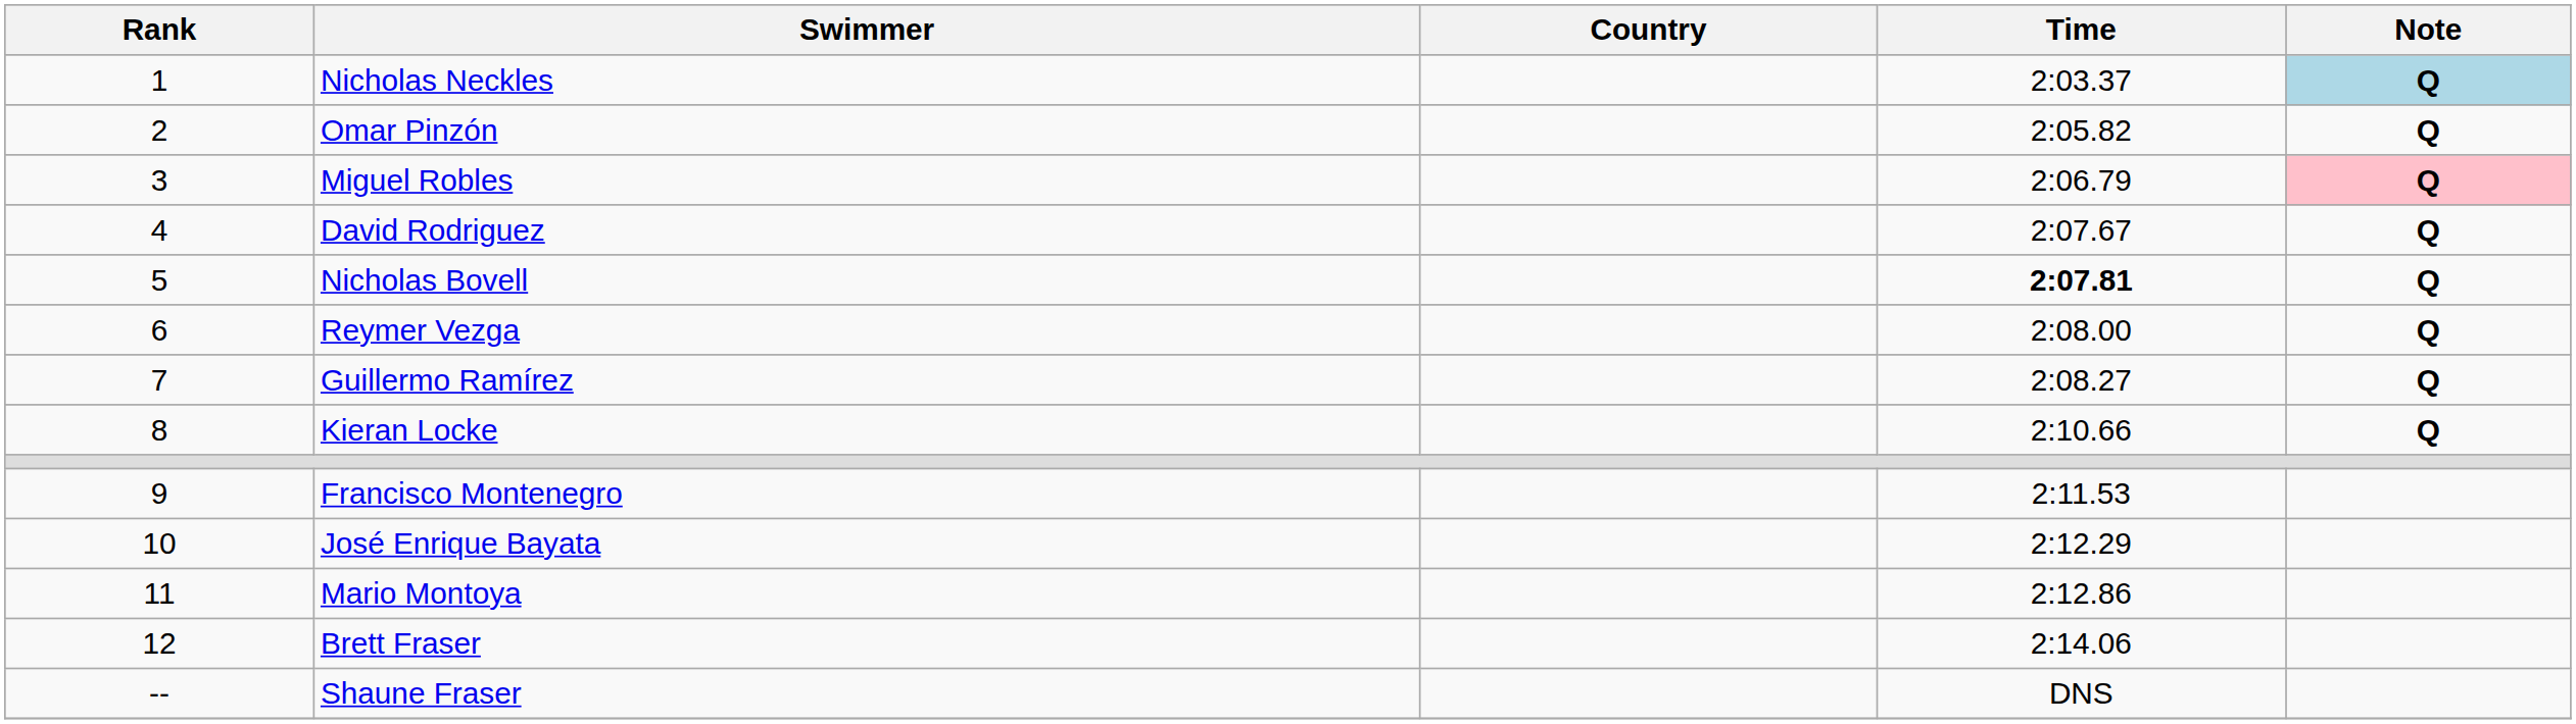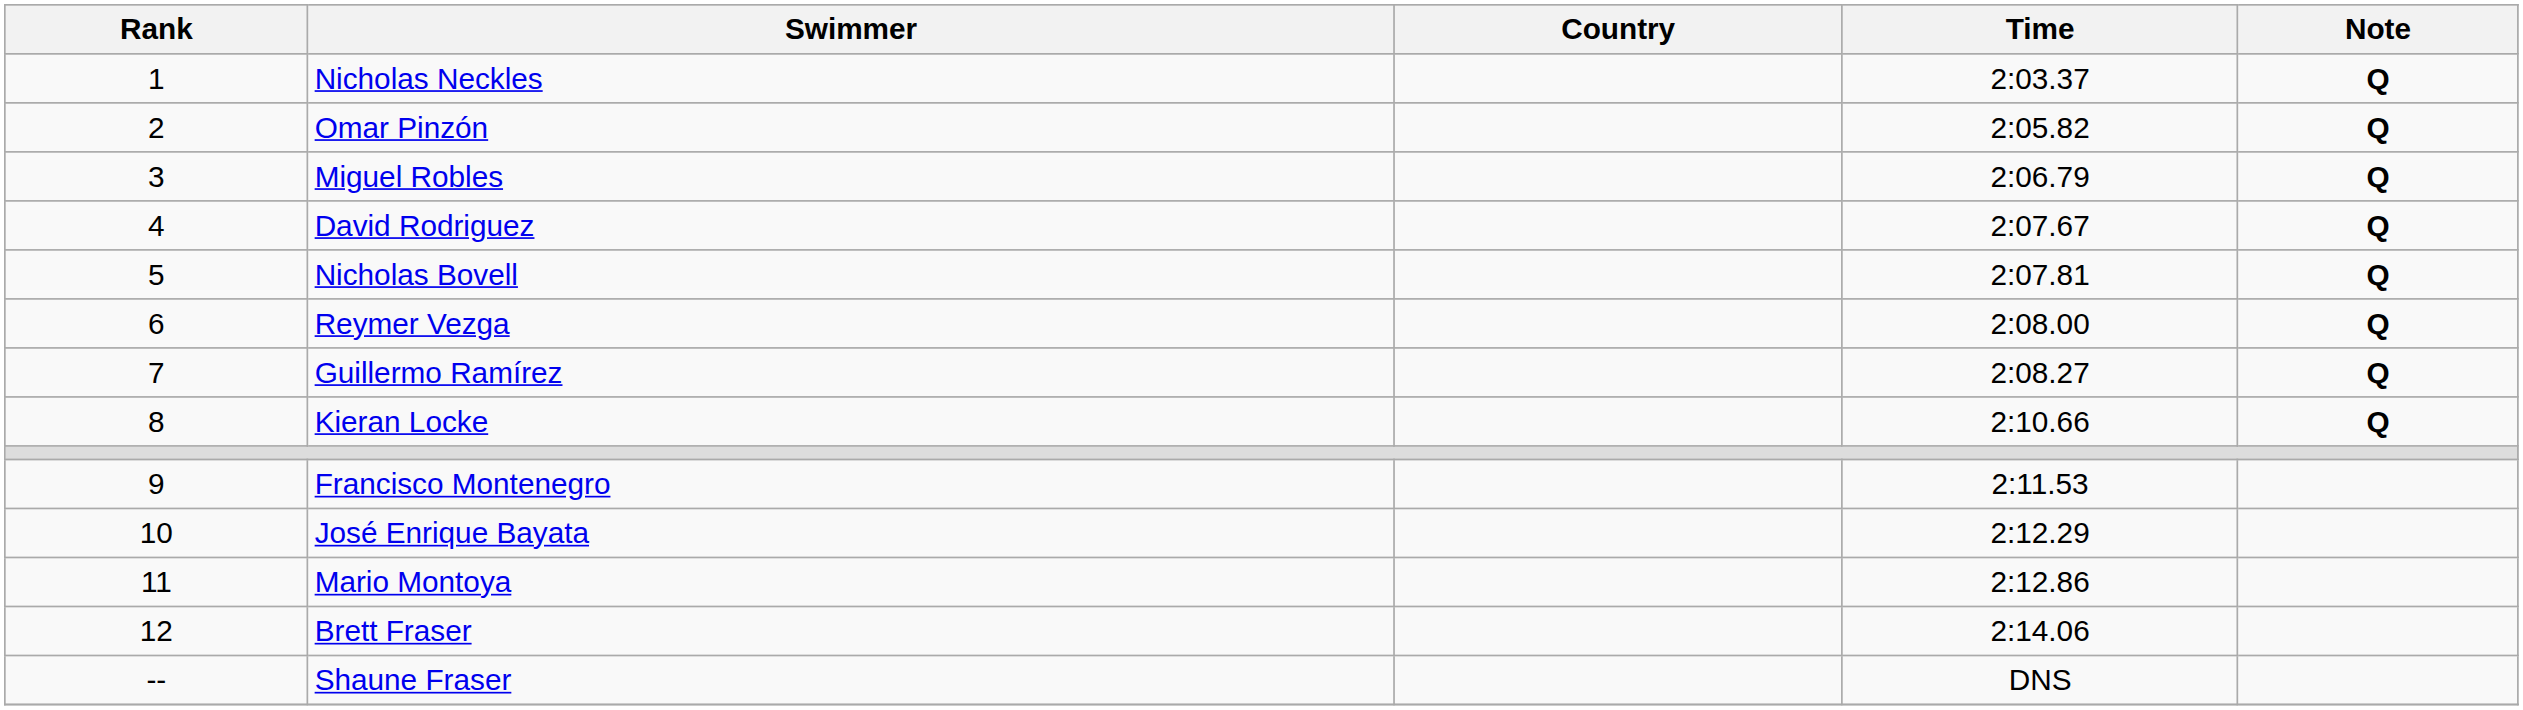 <table class="wikitable" style=" text-align:center; font-size:110%;" width="75%">
 <tr>
 <th>Rank</th>
 <th>Swimmer</th>
 <th>Country</th>
 <th>Time</th>
 <th>Note</th>
 </tr>
 <tr>
 <td>1</td>
 <td align=left><a href='#'>Nicholas Neckles</a></td>
 <td align=left></td>
 <td>2:03.37</td>
-<td style="background: lightblue;"><strong>Q</strong></td>
+<td><strong>Q</strong></td>
 </tr>
 <tr>
 <td>2</td>
 <td align=left><a href='#'>Omar Pinzón</a></td>
 <td align=left></td>
 <td>2:05.82</td>
 <td><strong>Q</strong></td>
 </tr>
 <tr>
 <td>3</td>
 <td align=left><a href='#'>Miguel Robles</a></td>
 <td align=left></td>
 <td>2:06.79</td>
-<td style="background: pink;"><strong>Q</strong></td>
+<td><strong>Q</strong></td>
 </tr>
 <tr>
 <td>4</td>
 <td align=left><a href='#'>David Rodriguez</a></td>
 <td align=left></td>
 <td>2:07.67</td>
 <td><strong>Q</strong></td>
 </tr>
 <tr>
 <td>5</td>
 <td align=left><a href='#'>Nicholas Bovell</a></td>
 <td align=left></td>
-<td><strong>2:07.81</strong></td>
+<td>2:07.81</td>
 <td><strong>Q</strong></td>
 </tr>
 <tr>
 <td>6</td>
 <td align=left><a href='#'>Reymer Vezga</a></td>
 <td align=left></td>
 <td>2:08.00</td>
 <td><strong>Q</strong></td>
 </tr>
 <tr>
 <td>7</td>
 <td align=left><a href='#'>Guillermo Ramírez</a></td>
 <td align=left></td>
 <td>2:08.27</td>
 <td><strong>Q</strong></td>
 </tr>
 <tr>
 <td>8</td>
 <td align=left><a href='#'>Kieran Locke</a></td>
 <td align=left></td>
 <td>2:10.66</td>
 <td><strong>Q</strong></td>
 </tr>
 <tr bgcolor=#DDDDDD>
 <td colspan=5></td>
 </tr>
 <tr>
 <td>9</td>
 <td align=left><a href='#'>Francisco Montenegro</a></td>
 <td align=left></td>
 <td>2:11.53</td>
 <td></td>
 </tr>
 <tr>
 <td>10</td>
 <td align=left><a href='#'>José Enrique Bayata</a></td>
 <td align=left></td>
 <td>2:12.29</td>
 <td></td>
 </tr>
 <tr>
 <td>11</td>
 <td align=left><a href='#'>Mario Montoya</a></td>
 <td align=left></td>
 <td>2:12.86</td>
 <td></td>
 </tr>
 <tr>
 <td>12</td>
 <td align=left><a href='#'>Brett Fraser</a></td>
 <td align=left></td>
 <td>2:14.06</td>
 <td></td>
 </tr>
 <tr>
 <td>--</td>
 <td align=left><a href='#'>Shaune Fraser</a></td>
 <td align=left></td>
 <td>DNS</td>
 <td></td>
 </tr>
 <tr>
 </tr>
 </table>
